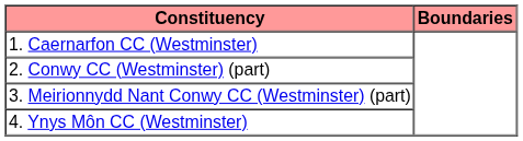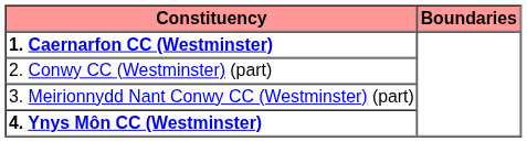 <table border=1 cellpadding="2" cellspacing="0">
 <tr>
 <th bgcolor="#ff9999">Constituency</th>
 <th bgcolor="#ff9999">Boundaries</th>
 </tr>
 <tr>
-<td>1. <a href='#'>Caernarfon CC (Westminster)</a></td>
+<td><strong>1. <a href='#'>Caernarfon CC (Westminster)</a></strong></td>
 <td rowspan=4></td>
 </tr>
 <tr>
 <td>2. <a href='#'>Conwy CC (Westminster)</a> (part)</td>
 </tr>
 <tr>
 <td>3. <a href='#'>Meirionnydd Nant Conwy CC (Westminster)</a> (part)</td>
 </tr>
 <tr>
-<td>4. <a href='#'>Ynys Môn CC (Westminster)</a></td>
+<td><strong>4. <a href='#'>Ynys Môn CC (Westminster)</a></strong></td>
 </tr>
 </table>
